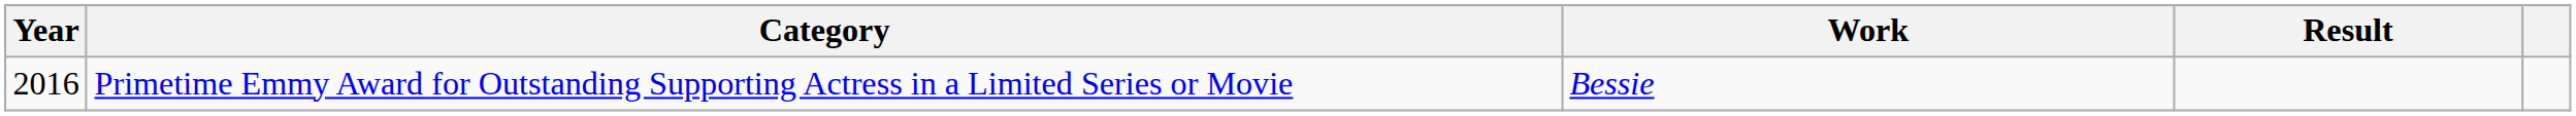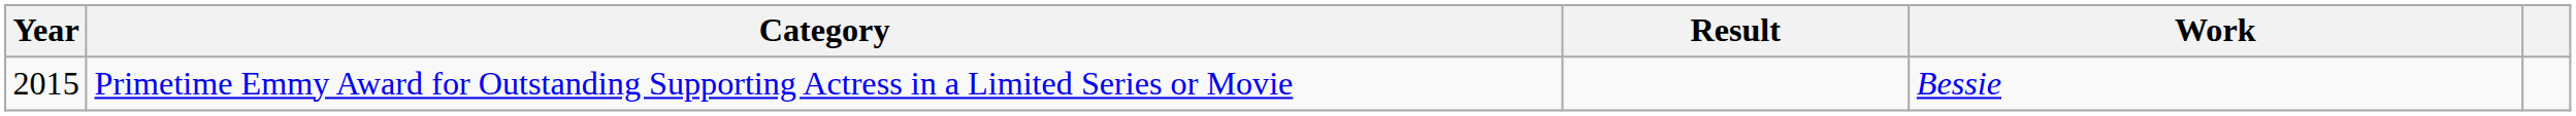 <table class="wikitable">
 <tr>
 <th scope="col" style="width:1em;">Year</th>
 <th scope="col" style="width:44em;">Category</th>
+<th scope="col" style="width:10em;">Result</th>
 <th scope="col" style="width:18em;">Work</th>
-<th scope="col" style="width:10em;">Result</th>
 <th class="unsortable" style="width:1em;"></th>
 </tr>
 <tr>
-<td>2016</td>
+<td>2015</td>
 <td><a href='#'>Primetime Emmy Award for Outstanding Supporting Actress in a Limited Series or Movie</a> </td>
+<td></td>
 <td><em><a href='#'>Bessie</a></em></td>
-<td></td>
 <td></td>
 </tr>
 </table>
